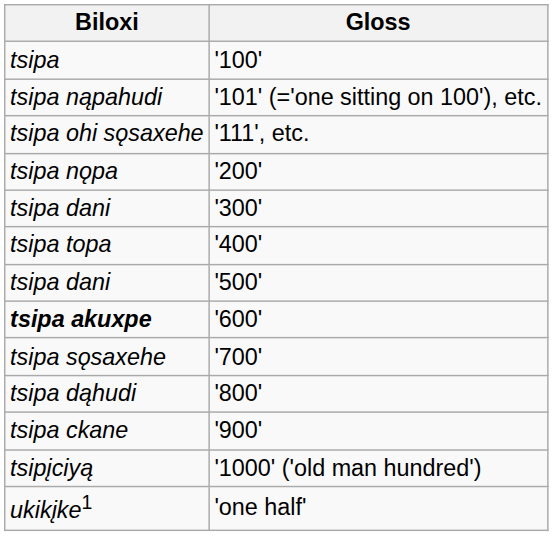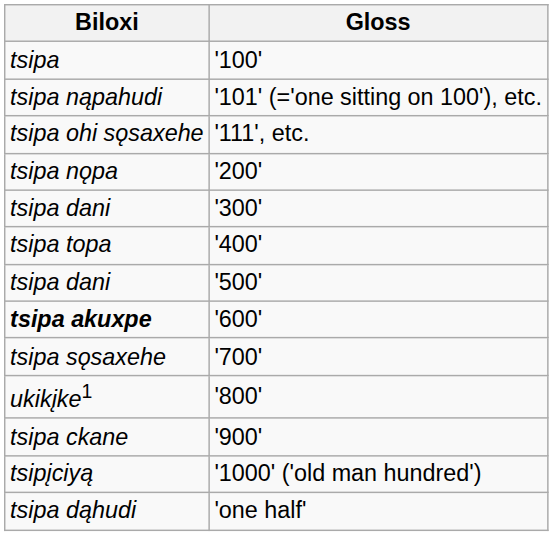 <table class="wikitable">
 <tr>
 <th>Biloxi</th>
 <th>Gloss</th>
 </tr>
 <tr>
 <td><em>tsipa</em></td>
 <td>'100'</td>
 </tr>
 <tr>
 <td><em>tsipa nąpahudi</em></td>
 <td>'101' (='one sitting on 100'), etc.</td>
 </tr>
 <tr>
 <td><em>tsipa ohi sǫsaxehe</em></td>
 <td>'111', etc.</td>
 </tr>
 <tr>
 <td><em>tsipa nǫpa</em></td>
 <td>'200'</td>
 </tr>
 <tr>
 <td><em>tsipa dani</em></td>
 <td>'300'</td>
 </tr>
 <tr>
 <td><em>tsipa topa</em></td>
 <td>'400'</td>
 </tr>
 <tr>
 <td><em>tsipa dani</em></td>
 <td>'500'</td>
 </tr>
 <tr>
 <td><strong><em>tsipa akuxpe</em></strong></td>
 <td>'600'</td>
 </tr>
 <tr>
 <td><em>tsipa sǫsaxehe</em></td>
 <td>'700'</td>
 </tr>
 <tr>
-<td><em>tsipa dąhudi</em></td>
+<td><em>ukikįke</em><sup>1</sup></td>
 <td>'800'</td>
 </tr>
 <tr>
 <td><em>tsipa ckane</em></td>
 <td>'900'</td>
 </tr>
 <tr>
 <td><em>tsipįciyą</em></td>
 <td>'1000' ('old man hundred')</td>
 </tr>
 <tr>
-<td><em>ukikįke</em><sup>1</sup></td>
+<td><em>tsipa dąhudi</em></td>
 <td>'one half'</td>
 </tr>
 </table>
